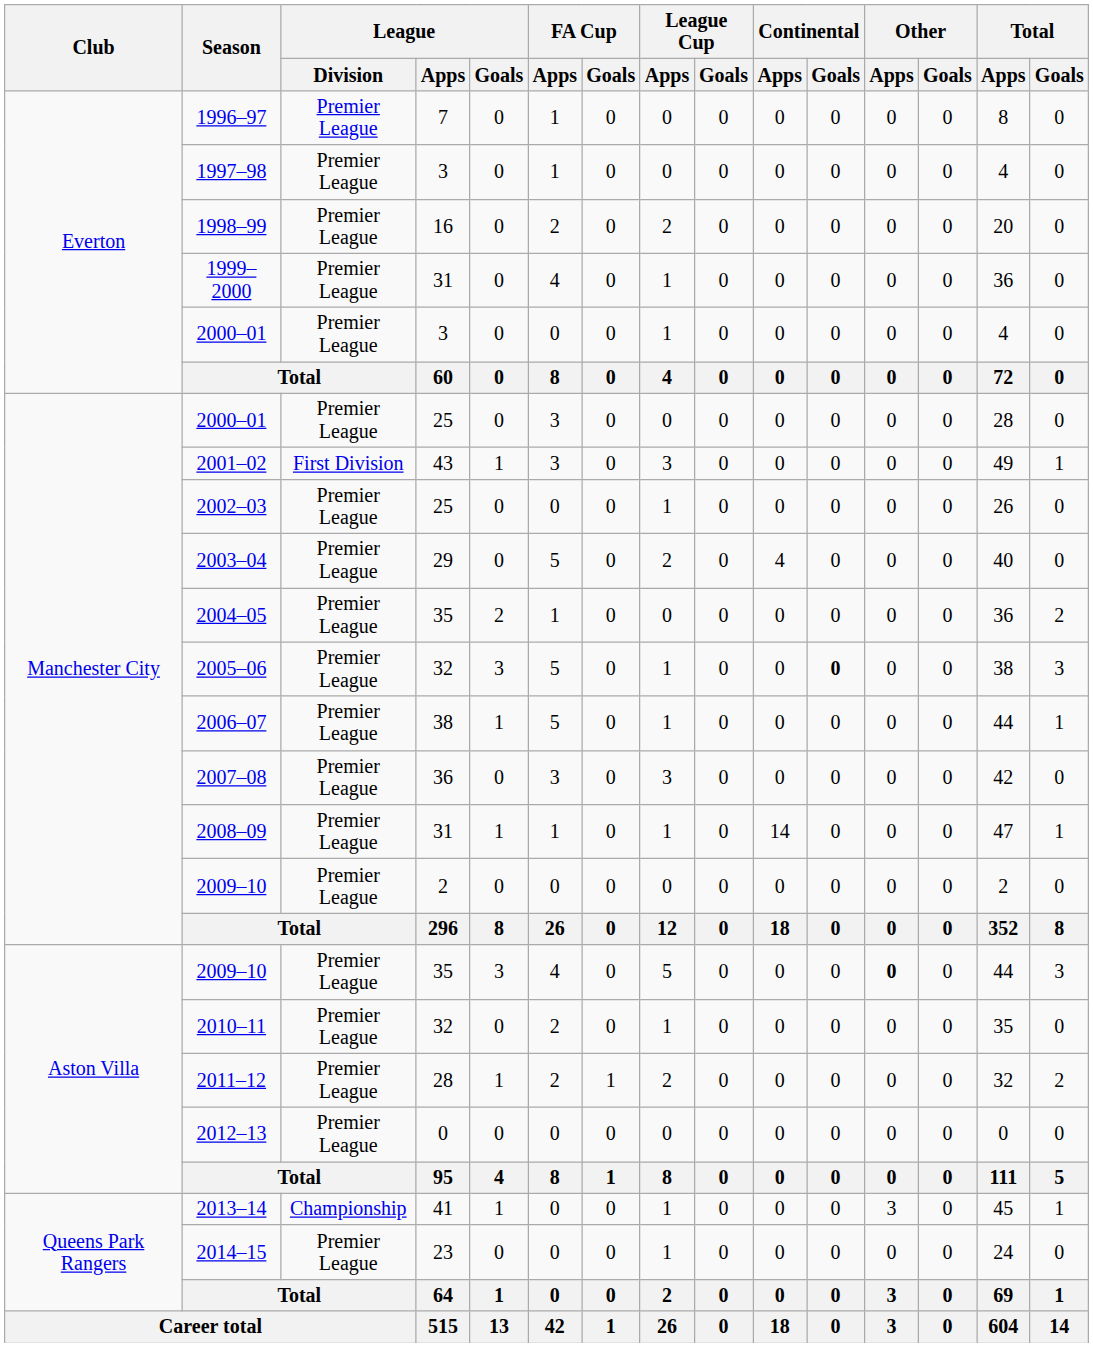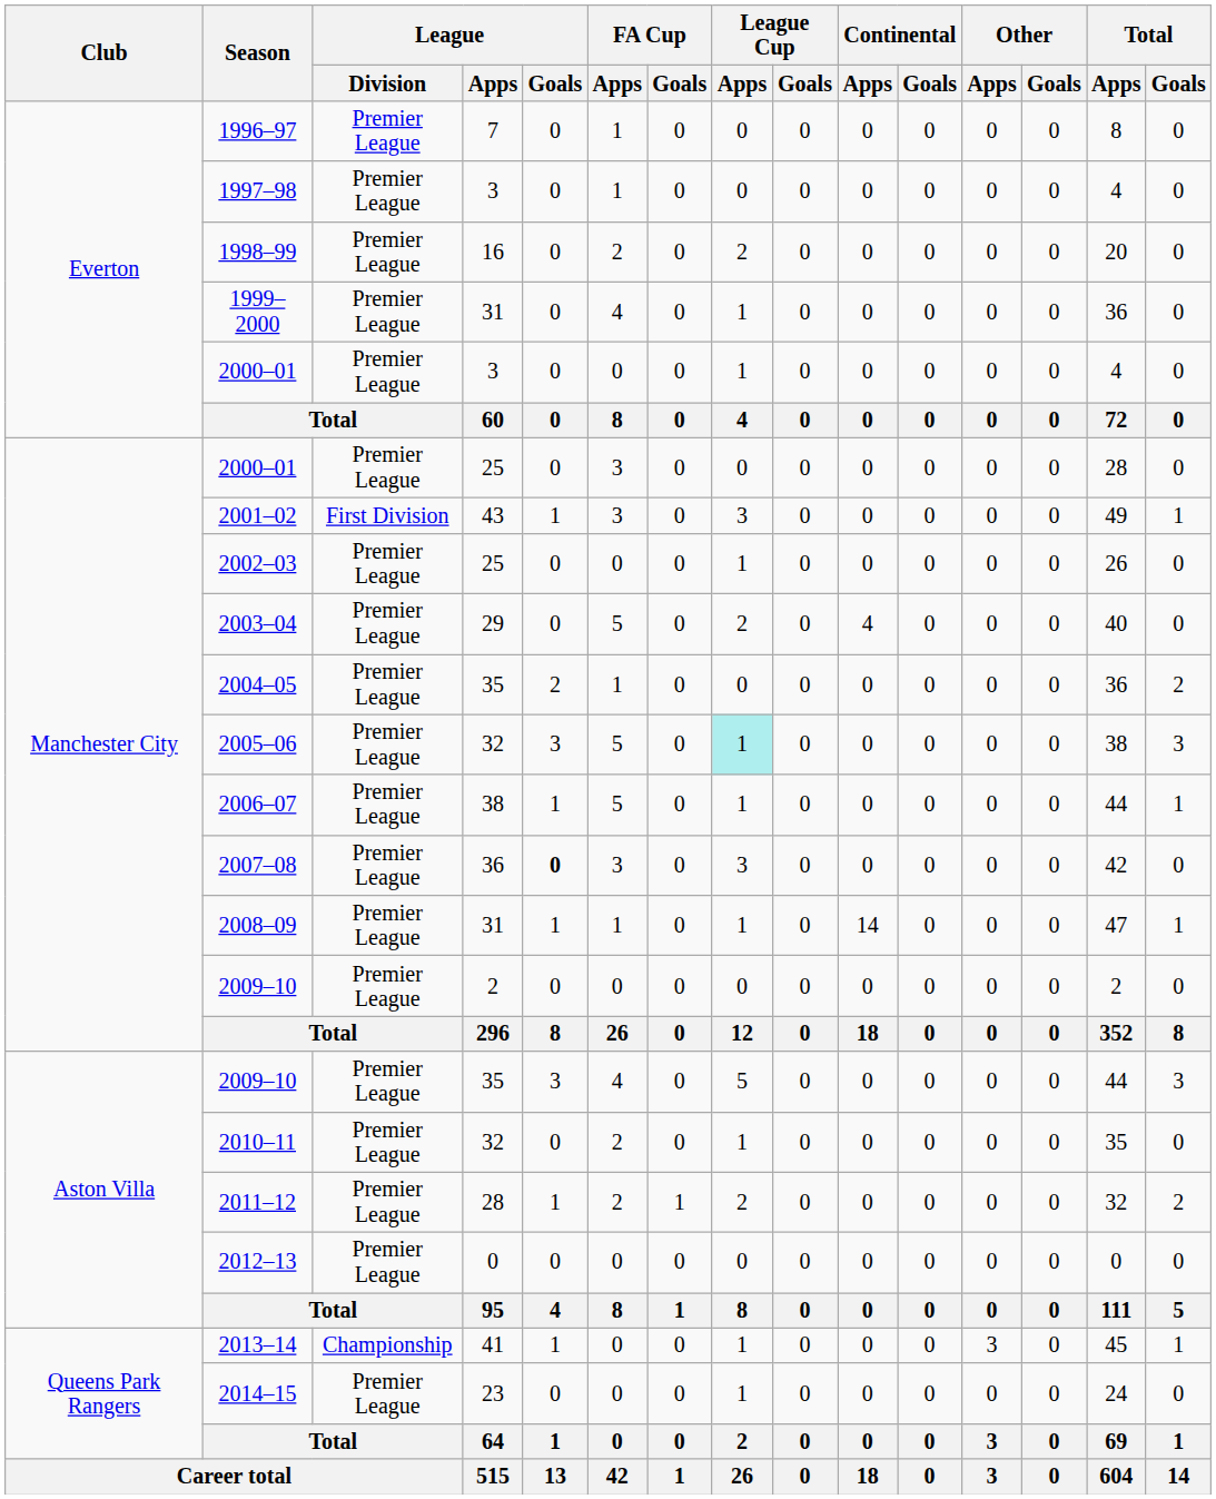 <table class="wikitable" style="text-align:center">
 <tr>
 <th rowspan="2">Club</th>
 <th rowspan="2">Season</th>
 <th colspan="3">League</th>
 <th colspan="2">FA Cup</th>
 <th colspan="2">League Cup</th>
 <th colspan="2">Continental</th>
 <th colspan="2">Other</th>
 <th colspan="2">Total</th>
 </tr>
 <tr>
 <th>Division</th>
 <th>Apps</th>
 <th>Goals</th>
 <th>Apps</th>
 <th>Goals</th>
 <th>Apps</th>
 <th>Goals</th>
 <th>Apps</th>
 <th>Goals</th>
 <th>Apps</th>
 <th>Goals</th>
 <th>Apps</th>
 <th>Goals</th>
 </tr>
 <tr>
 <td rowspan="6"><a href='#'>Everton</a></td>
 <td><a href='#'>1996–97</a></td>
 <td><a href='#'>Premier League</a></td>
 <td>7</td>
 <td>0</td>
 <td>1</td>
 <td>0</td>
 <td>0</td>
 <td>0</td>
 <td>0</td>
 <td>0</td>
 <td>0</td>
 <td>0</td>
 <td>8</td>
 <td>0</td>
 </tr>
 <tr>
 <td><a href='#'>1997–98</a></td>
 <td>Premier League</td>
 <td>3</td>
 <td>0</td>
 <td>1</td>
 <td>0</td>
 <td>0</td>
 <td>0</td>
 <td>0</td>
 <td>0</td>
 <td>0</td>
 <td>0</td>
 <td>4</td>
 <td>0</td>
 </tr>
 <tr>
 <td><a href='#'>1998–99</a></td>
 <td>Premier League</td>
 <td>16</td>
 <td>0</td>
 <td>2</td>
 <td>0</td>
 <td>2</td>
 <td>0</td>
 <td>0</td>
 <td>0</td>
 <td>0</td>
 <td>0</td>
 <td>20</td>
 <td>0</td>
 </tr>
 <tr>
 <td><a href='#'>1999–2000</a></td>
 <td>Premier League</td>
 <td>31</td>
 <td>0</td>
 <td>4</td>
 <td>0</td>
 <td>1</td>
 <td>0</td>
 <td>0</td>
 <td>0</td>
 <td>0</td>
 <td>0</td>
 <td>36</td>
 <td>0</td>
 </tr>
 <tr>
 <td><a href='#'>2000–01</a></td>
 <td>Premier League</td>
 <td>3</td>
 <td>0</td>
 <td>0</td>
 <td>0</td>
 <td>1</td>
 <td>0</td>
 <td>0</td>
 <td>0</td>
 <td>0</td>
 <td>0</td>
 <td>4</td>
 <td>0</td>
 </tr>
 <tr>
 <th colspan="2">Total</th>
 <th>60</th>
 <th>0</th>
 <th>8</th>
 <th>0</th>
 <th>4</th>
 <th>0</th>
 <th>0</th>
 <th>0</th>
 <th>0</th>
 <th>0</th>
 <th>72</th>
 <th>0</th>
 </tr>
 <tr>
 <td rowspan="11"><a href='#'>Manchester City</a></td>
 <td><a href='#'>2000–01</a></td>
 <td>Premier League</td>
 <td>25</td>
 <td>0</td>
 <td>3</td>
 <td>0</td>
 <td>0</td>
 <td>0</td>
 <td>0</td>
 <td>0</td>
 <td>0</td>
 <td>0</td>
 <td>28</td>
 <td>0</td>
 </tr>
 <tr>
 <td><a href='#'>2001–02</a></td>
 <td><a href='#'>First Division</a></td>
 <td>43</td>
 <td>1</td>
 <td>3</td>
 <td>0</td>
 <td>3</td>
 <td>0</td>
 <td>0</td>
 <td>0</td>
 <td>0</td>
 <td>0</td>
 <td>49</td>
 <td>1</td>
 </tr>
 <tr>
 <td><a href='#'>2002–03</a></td>
 <td>Premier League</td>
 <td>25</td>
 <td>0</td>
 <td>0</td>
 <td>0</td>
 <td>1</td>
 <td>0</td>
 <td>0</td>
 <td>0</td>
 <td>0</td>
 <td>0</td>
 <td>26</td>
 <td>0</td>
 </tr>
 <tr>
 <td><a href='#'>2003–04</a></td>
 <td>Premier League</td>
 <td>29</td>
 <td>0</td>
 <td>5</td>
 <td>0</td>
 <td>2</td>
 <td>0</td>
 <td>4</td>
 <td>0</td>
 <td>0</td>
 <td>0</td>
 <td>40</td>
 <td>0</td>
 </tr>
 <tr>
 <td><a href='#'>2004–05</a></td>
 <td>Premier League</td>
 <td>35</td>
 <td>2</td>
 <td>1</td>
 <td>0</td>
 <td>0</td>
 <td>0</td>
 <td>0</td>
 <td>0</td>
 <td>0</td>
 <td>0</td>
 <td>36</td>
 <td>2</td>
 </tr>
 <tr>
 <td><a href='#'>2005–06</a></td>
 <td>Premier League</td>
 <td>32</td>
 <td>3</td>
 <td>5</td>
 <td>0</td>
-<td>1</td>
+<td style="background: paleturquoise;">1</td>
 <td>0</td>
 <td>0</td>
-<td><strong>0</strong></td>
+<td>0</td>
 <td>0</td>
 <td>0</td>
 <td>38</td>
 <td>3</td>
 </tr>
 <tr>
 <td><a href='#'>2006–07</a></td>
 <td>Premier League</td>
 <td>38</td>
 <td>1</td>
 <td>5</td>
 <td>0</td>
 <td>1</td>
 <td>0</td>
 <td>0</td>
 <td>0</td>
 <td>0</td>
 <td>0</td>
 <td>44</td>
 <td>1</td>
 </tr>
 <tr>
 <td><a href='#'>2007–08</a></td>
 <td>Premier League</td>
 <td>36</td>
-<td>0</td>
+<td><strong>0</strong></td>
 <td>3</td>
 <td>0</td>
 <td>3</td>
 <td>0</td>
 <td>0</td>
 <td>0</td>
 <td>0</td>
 <td>0</td>
 <td>42</td>
 <td>0</td>
 </tr>
 <tr>
 <td><a href='#'>2008–09</a></td>
 <td>Premier League</td>
 <td>31</td>
 <td>1</td>
 <td>1</td>
 <td>0</td>
 <td>1</td>
 <td>0</td>
 <td>14</td>
 <td>0</td>
 <td>0</td>
 <td>0</td>
 <td>47</td>
 <td>1</td>
 </tr>
 <tr>
 <td><a href='#'>2009–10</a></td>
 <td>Premier League</td>
 <td>2</td>
 <td>0</td>
 <td>0</td>
 <td>0</td>
 <td>0</td>
 <td>0</td>
 <td>0</td>
 <td>0</td>
 <td>0</td>
 <td>0</td>
 <td>2</td>
 <td>0</td>
 </tr>
 <tr>
 <th colspan="2">Total</th>
 <th>296</th>
 <th>8</th>
 <th>26</th>
 <th>0</th>
 <th>12</th>
 <th>0</th>
 <th>18</th>
 <th>0</th>
 <th>0</th>
 <th>0</th>
 <th>352</th>
 <th>8</th>
 </tr>
 <tr>
 <td rowspan="5"><a href='#'>Aston Villa</a></td>
 <td><a href='#'>2009–10</a></td>
 <td>Premier League</td>
 <td>35</td>
 <td>3</td>
 <td>4</td>
 <td>0</td>
 <td>5</td>
 <td>0</td>
 <td>0</td>
 <td>0</td>
-<td><strong>0</strong></td>
+<td>0</td>
 <td>0</td>
 <td>44</td>
 <td>3</td>
 </tr>
 <tr>
 <td><a href='#'>2010–11</a></td>
 <td>Premier League</td>
 <td>32</td>
 <td>0</td>
 <td>2</td>
 <td>0</td>
 <td>1</td>
 <td>0</td>
 <td>0</td>
 <td>0</td>
 <td>0</td>
 <td>0</td>
 <td>35</td>
 <td>0</td>
 </tr>
 <tr>
 <td><a href='#'>2011–12</a></td>
 <td>Premier League</td>
 <td>28</td>
 <td>1</td>
 <td>2</td>
 <td>1</td>
 <td>2</td>
 <td>0</td>
 <td>0</td>
 <td>0</td>
 <td>0</td>
 <td>0</td>
 <td>32</td>
 <td>2</td>
 </tr>
 <tr>
 <td><a href='#'>2012–13</a></td>
 <td>Premier League</td>
 <td>0</td>
 <td>0</td>
 <td>0</td>
 <td>0</td>
 <td>0</td>
 <td>0</td>
 <td>0</td>
 <td>0</td>
 <td>0</td>
 <td>0</td>
 <td>0</td>
 <td>0</td>
 </tr>
 <tr>
 <th colspan="2">Total</th>
 <th>95</th>
 <th>4</th>
 <th>8</th>
 <th>1</th>
 <th>8</th>
 <th>0</th>
 <th>0</th>
 <th>0</th>
 <th>0</th>
 <th>0</th>
 <th>111</th>
 <th>5</th>
 </tr>
 <tr>
 <td rowspan="3"><a href='#'>Queens Park Rangers</a></td>
 <td><a href='#'>2013–14</a></td>
 <td><a href='#'>Championship</a></td>
 <td>41</td>
 <td>1</td>
 <td>0</td>
 <td>0</td>
 <td>1</td>
 <td>0</td>
 <td>0</td>
 <td>0</td>
 <td>3</td>
 <td>0</td>
 <td>45</td>
 <td>1</td>
 </tr>
 <tr>
 <td><a href='#'>2014–15</a></td>
 <td>Premier League</td>
 <td>23</td>
 <td>0</td>
 <td>0</td>
 <td>0</td>
 <td>1</td>
 <td>0</td>
 <td>0</td>
 <td>0</td>
 <td>0</td>
 <td>0</td>
 <td>24</td>
 <td>0</td>
 </tr>
 <tr>
 <th colspan="2">Total</th>
 <th>64</th>
 <th>1</th>
 <th>0</th>
 <th>0</th>
 <th>2</th>
 <th>0</th>
 <th>0</th>
 <th>0</th>
 <th>3</th>
 <th>0</th>
 <th>69</th>
 <th>1</th>
 </tr>
 <tr>
 <th colspan="3">Career total</th>
 <th>515</th>
 <th>13</th>
 <th>42</th>
 <th>1</th>
 <th>26</th>
 <th>0</th>
 <th>18</th>
 <th>0</th>
 <th>3</th>
 <th>0</th>
 <th>604</th>
 <th>14</th>
 </tr>
 </table>
